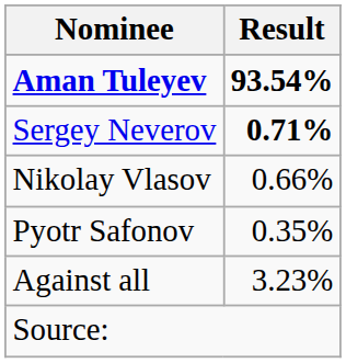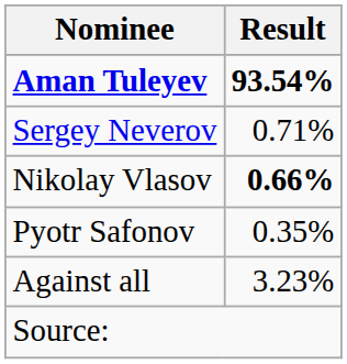 <table class=wikitable style=text-align:right>
 <tr>
 <th>Nominee</th>
 <th>Result</th>
 </tr>
 <tr>
 <td align=left><strong><a href='#'>Aman Tuleyev</a></strong></td>
 <td><strong>93.54%</strong></td>
 </tr>
 <tr>
 <td align=left><a href='#'>Sergey Neverov</a></td>
-<td><strong>0.71%</strong></td>
+<td>0.71%</td>
 </tr>
 <tr>
 <td align=left>Nikolay Vlasov</td>
-<td>0.66%</td>
+<td><strong>0.66%</strong></td>
 </tr>
 <tr>
 <td align=left>Pyotr Safonov</td>
 <td>0.35%</td>
 </tr>
 <tr>
 <td align=left>Against all</td>
 <td>3.23%</td>
 </tr>
 <tr>
 <td align=left colspan=6>Source: </td>
 </tr>
 </table>
